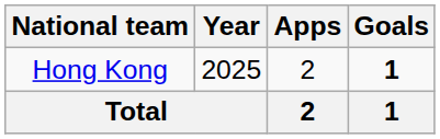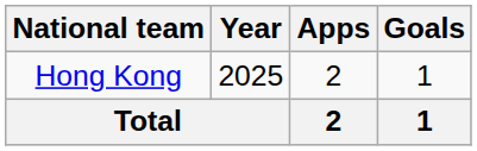 <table class="wikitable" style="text-align:center">
 <tr>
 <th>National team</th>
 <th>Year</th>
 <th>Apps</th>
 <th>Goals</th>
 </tr>
 <tr>
 <td rowspan="1"><a href='#'>Hong Kong</a></td>
 <td>2025</td>
 <td>2</td>
-<td><strong>1</strong></td>
+<td>1</td>
 </tr>
 <tr>
 <th colspan="2">Total</th>
 <th>2</th>
 <th>1</th>
 </tr>
 </table>
